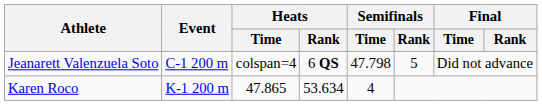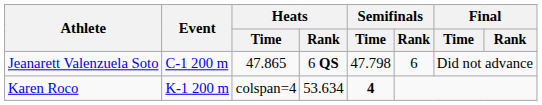 <table class=wikitable style="font-size:90%;">
 <tr>
 <th rowspan="2">Athlete</th>
 <th rowspan="2">Event</th>
 <th colspan=2>Heats</th>
 <th colspan=2>Semifinals</th>
 <th colspan=2>Final</th>
 </tr>
 <tr style="font-size:95%">
 <th>Time</th>
 <th>Rank</th>
 <th>Time</th>
 <th>Rank</th>
 <th>Time</th>
 <th>Rank</th>
 </tr>
 <tr align=center>
 <td align=left><a href='#'>Jeanarett Valenzuela Soto</a></td>
 <td align=left><a href='#'>C-1 200 m</a></td>
-<td>colspan=4 </td>
+<td>47.865</td>
 <td>6 <strong>QS</strong></td>
 <td>47.798</td>
-<td>5</td>
+<td>6</td>
 <td colspan=2>Did not advance</td>
 </tr>
 <tr align=center>
 <td align=left><a href='#'>Karen Roco</a></td>
 <td align=left><a href='#'>K-1 200 m</a></td>
-<td>47.865</td>
+<td>colspan=4 </td>
 <td>53.634</td>
-<td>4</td>
+<td><strong>4</strong></td>
 </tr>
 </table>
